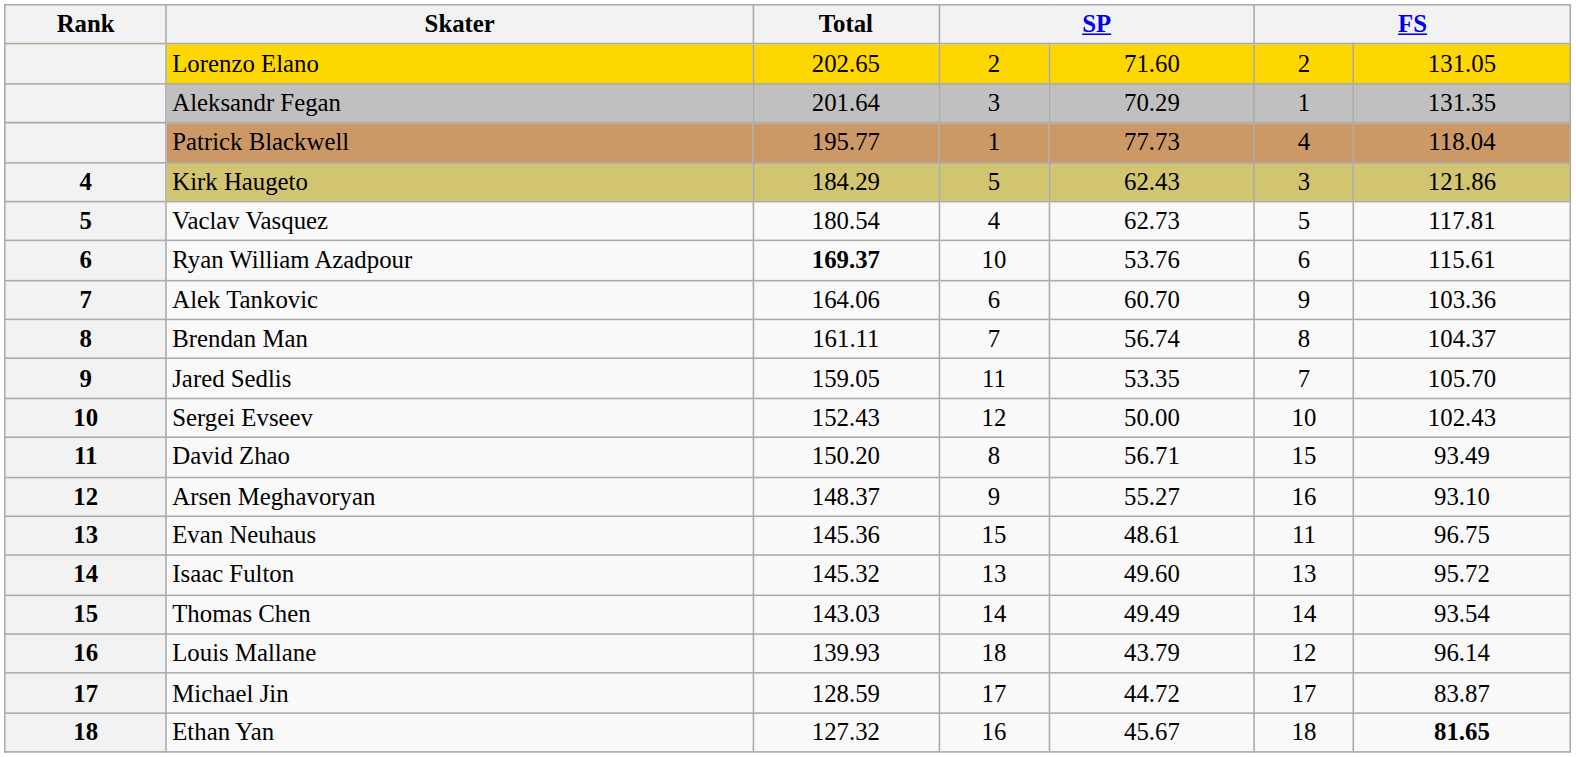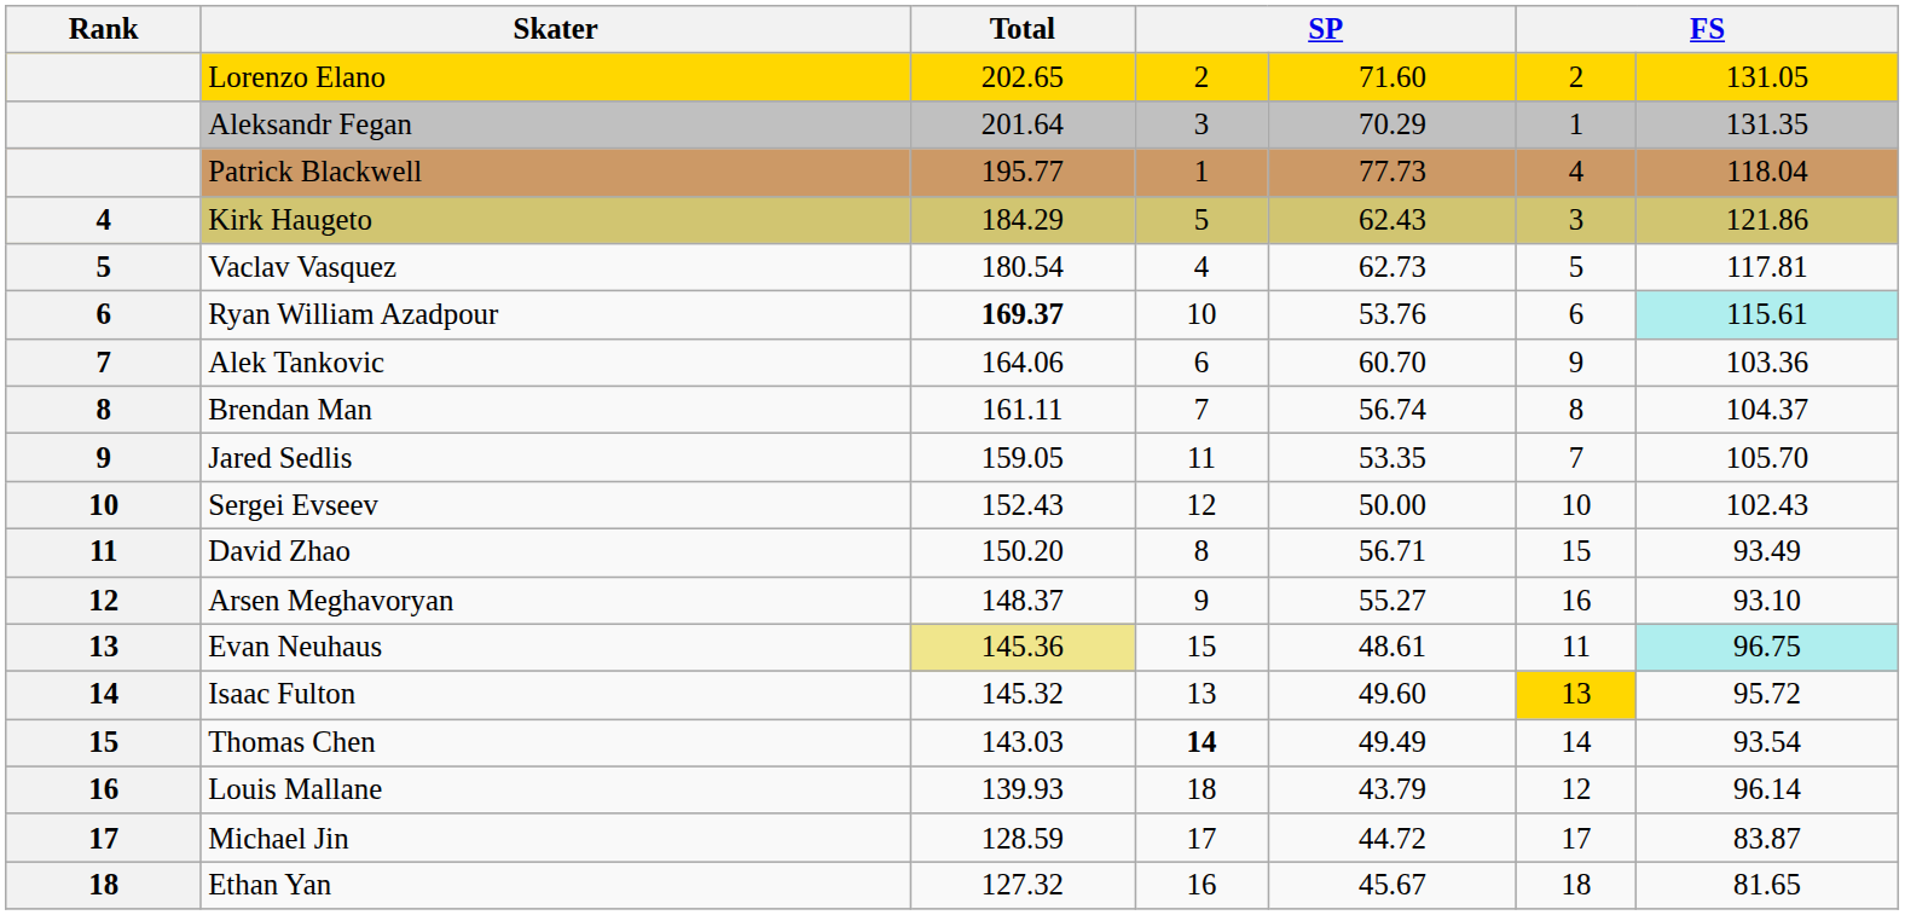 <table class="wikitable sortable" style="text-align:center; width:80%">
 <tr>
 <th scope="col">Rank</th>
 <th scope="col">Skater</th>
 <th scope="col">Total</th>
 <th scope="col" colspan="2" width="80px"><a href='#'>SP</a></th>
 <th scope="col" colspan="2" width="80px"><a href='#'>FS</a></th>
 </tr>
 <tr bgcolor="gold">
 <th scope="row"></th>
 <td align="left">Lorenzo Elano</td>
 <td>202.65</td>
 <td>2</td>
 <td>71.60</td>
 <td>2</td>
 <td>131.05</td>
 </tr>
 <tr bgcolor="silver">
 <th scope="row"></th>
 <td align="left">Aleksandr Fegan</td>
 <td>201.64</td>
 <td>3</td>
 <td>70.29</td>
 <td>1</td>
 <td>131.35</td>
 </tr>
 <tr bgcolor="cc9966">
 <th scope="row"></th>
 <td align="left">Patrick Blackwell</td>
 <td>195.77</td>
 <td>1</td>
 <td>77.73</td>
 <td>4</td>
 <td>118.04</td>
 </tr>
 <tr bgcolor="#d1c571">
 <th scope="row">4</th>
 <td align="left">Kirk Haugeto</td>
 <td>184.29</td>
 <td>5</td>
 <td>62.43</td>
 <td>3</td>
 <td>121.86</td>
 </tr>
 <tr>
 <th scope="row">5</th>
 <td align="left">Vaclav Vasquez</td>
 <td>180.54</td>
 <td>4</td>
 <td>62.73</td>
 <td>5</td>
 <td>117.81</td>
 </tr>
 <tr>
 <th scope="row">6</th>
 <td align="left">Ryan William Azadpour</td>
 <td><strong>169.37</strong></td>
 <td>10</td>
 <td>53.76</td>
 <td>6</td>
-<td>115.61</td>
+<td style="background: paleturquoise;">115.61</td>
 </tr>
 <tr>
 <th scope="row">7</th>
 <td align="left">Alek Tankovic</td>
 <td>164.06</td>
 <td>6</td>
 <td>60.70</td>
 <td>9</td>
 <td>103.36</td>
 </tr>
 <tr>
 <th scope="row">8</th>
 <td align="left">Brendan Man</td>
 <td>161.11</td>
 <td>7</td>
 <td>56.74</td>
 <td>8</td>
 <td>104.37</td>
 </tr>
 <tr>
 <th scope="row">9</th>
 <td align="left">Jared Sedlis</td>
 <td>159.05</td>
 <td>11</td>
 <td>53.35</td>
 <td>7</td>
 <td>105.70</td>
 </tr>
 <tr>
 <th scope="row">10</th>
 <td align="left">Sergei Evseev</td>
 <td>152.43</td>
 <td>12</td>
 <td>50.00</td>
 <td>10</td>
 <td>102.43</td>
 </tr>
 <tr>
 <th scope="row">11</th>
 <td align="left">David Zhao</td>
 <td>150.20</td>
 <td>8</td>
 <td>56.71</td>
 <td>15</td>
 <td>93.49</td>
 </tr>
 <tr>
 <th scope="row">12</th>
 <td align="left">Arsen Meghavoryan</td>
 <td>148.37</td>
 <td>9</td>
 <td>55.27</td>
 <td>16</td>
 <td>93.10</td>
 </tr>
 <tr>
 <th scope="row">13</th>
 <td align="left">Evan Neuhaus</td>
-<td>145.36</td>
+<td style="background: khaki;">145.36</td>
 <td>15</td>
 <td>48.61</td>
 <td>11</td>
-<td>96.75</td>
+<td style="background: paleturquoise;">96.75</td>
 </tr>
 <tr>
 <th scope="row">14</th>
 <td align="left">Isaac Fulton</td>
 <td>145.32</td>
 <td>13</td>
 <td>49.60</td>
-<td>13</td>
+<td style="background: gold;">13</td>
 <td>95.72</td>
 </tr>
 <tr>
 <th scope="row">15</th>
 <td align="left">Thomas Chen</td>
 <td>143.03</td>
-<td>14</td>
+<td><strong>14</strong></td>
 <td>49.49</td>
 <td>14</td>
 <td>93.54</td>
 </tr>
 <tr>
 <th scope="row">16</th>
 <td align="left">Louis Mallane</td>
 <td>139.93</td>
 <td>18</td>
 <td>43.79</td>
 <td>12</td>
 <td>96.14</td>
 </tr>
 <tr>
 <th scope="row">17</th>
 <td align="left">Michael Jin</td>
 <td>128.59</td>
 <td>17</td>
 <td>44.72</td>
 <td>17</td>
 <td>83.87</td>
 </tr>
 <tr>
 <th scope="row">18</th>
 <td align="left">Ethan Yan</td>
 <td>127.32</td>
 <td>16</td>
 <td>45.67</td>
 <td>18</td>
-<td><strong>81.65</strong></td>
+<td>81.65</td>
 </tr>
 </table>
